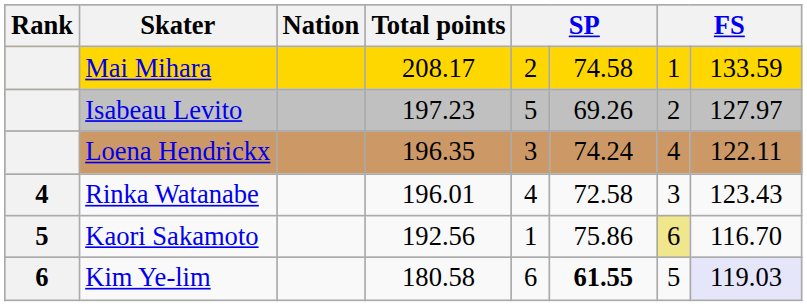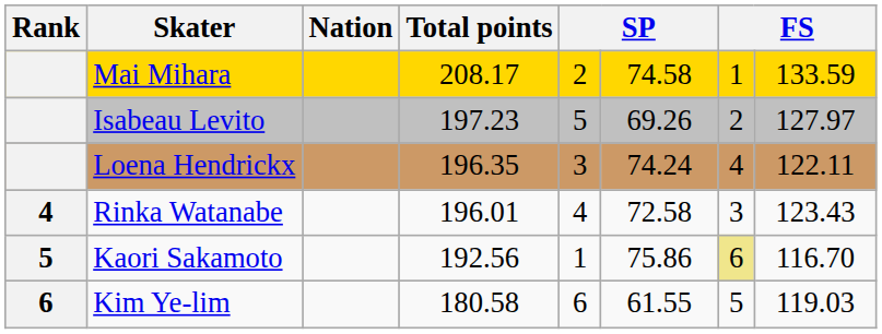 <table class="wikitable sortable" style="text-align:left">
 <tr>
 <th scope="col">Rank</th>
 <th scope="col">Skater</th>
 <th scope="col">Nation</th>
 <th scope="col">Total points</th>
 <th scope="col" colspan="2" width="80px"><a href='#'>SP</a></th>
 <th scope="col" colspan="2" width="80px"><a href='#'>FS</a></th>
 </tr>
 <tr bgcolor="gold">
 <th scope="row"></th>
 <td><a href='#'>Mai Mihara</a></td>
 <td></td>
 <td align="center">208.17</td>
 <td align="center">2</td>
 <td align="center">74.58</td>
 <td align="center">1</td>
 <td align="center">133.59</td>
 </tr>
 <tr bgcolor="silver">
 <th scope="row"></th>
 <td><a href='#'>Isabeau Levito</a></td>
 <td></td>
 <td align="center">197.23</td>
 <td align="center">5</td>
 <td align="center">69.26</td>
 <td align="center">2</td>
 <td align="center">127.97</td>
 </tr>
 <tr bgcolor="cc9966">
 <th scope="row"></th>
 <td><a href='#'>Loena Hendrickx</a></td>
 <td></td>
 <td align="center">196.35</td>
 <td align="center">3</td>
 <td align="center">74.24</td>
 <td align="center">4</td>
 <td align="center">122.11</td>
 </tr>
 <tr>
 <th scope="row">4</th>
 <td><a href='#'>Rinka Watanabe</a></td>
 <td></td>
 <td align="center">196.01</td>
 <td align="center">4</td>
 <td align="center">72.58</td>
 <td align="center">3</td>
 <td align="center">123.43</td>
 </tr>
 <tr>
 <th scope="row">5</th>
 <td><a href='#'>Kaori Sakamoto</a></td>
 <td></td>
 <td align="center">192.56</td>
 <td align="center">1</td>
 <td align="center">75.86</td>
 <td align="center" style="background: khaki;">6</td>
 <td align="center">116.70</td>
 </tr>
 <tr>
 <th scope="row">6</th>
 <td><a href='#'>Kim Ye-lim</a></td>
 <td></td>
 <td align="center">180.58</td>
 <td align="center">6</td>
-<td align="center"><strong>61.55</strong></td>
+<td align="center">61.55</td>
 <td align="center">5</td>
-<td align="center" style="background: lavender;">119.03</td>
+<td align="center">119.03</td>
 </tr>
 </table>
